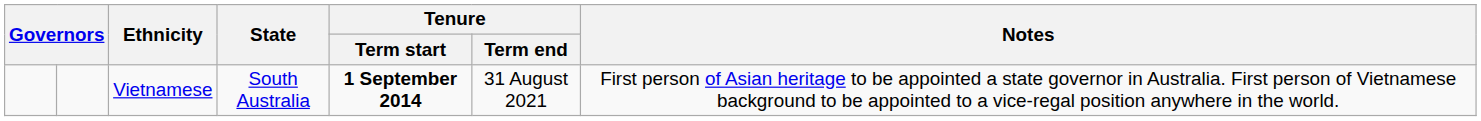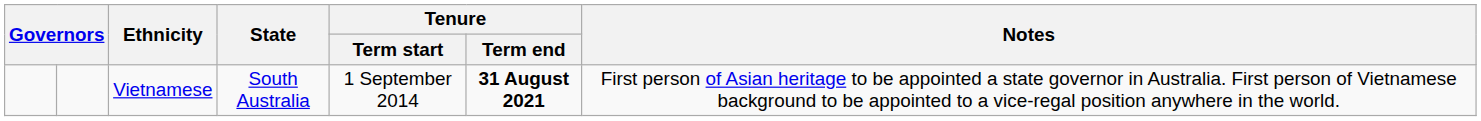 <table class="wikitable sortable plainrowheaders" style="text-align: center;">
 <tr>
 <th colspan="2" rowspan="2" class="unsortable"><a href='#'>Governors</a></th>
 <th rowspan="2">Ethnicity</th>
 <th rowspan="2">State</th>
 <th colspan="2">Tenure</th>
 <th rowspan="2">Notes</th>
 </tr>
 <tr>
 <th>Term start</th>
 <th>Term end</th>
 </tr>
 <tr>
 <td></td>
 <td><strong></strong><br></td>
 <td><a href='#'>Vietnamese</a></td>
 <td><a href='#'>South Australia</a></td>
-<td><strong>1 September 2014</strong></td>
-<td>31 August 2021</td>
+<td>1 September 2014</td>
+<td><strong>31 August 2021</strong></td>
 <td>First person <a href='#'>of Asian heritage</a> to be appointed a state governor in Australia. First person of Vietnamese background to be appointed to a vice-regal position anywhere in the world.</td>
 </tr>
 </table>
